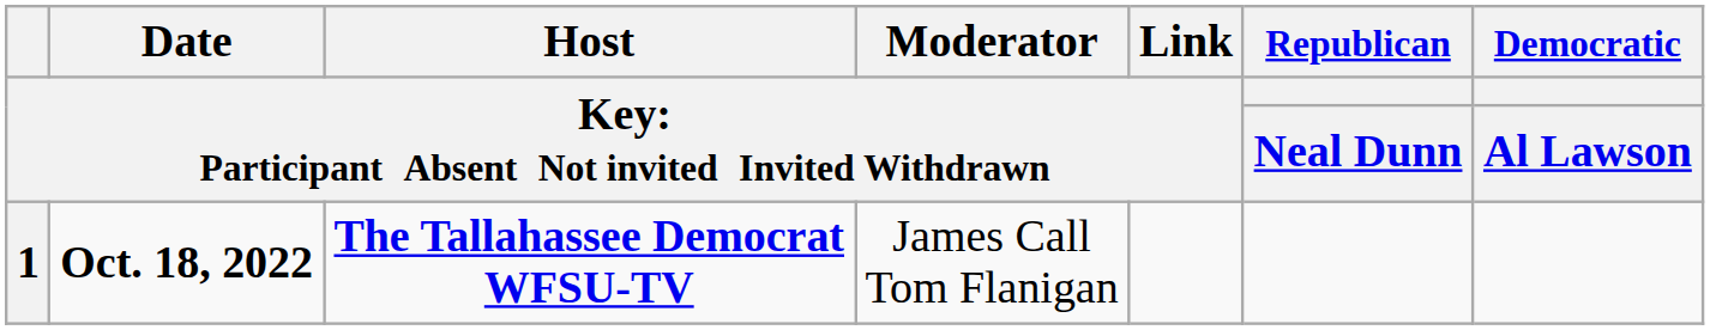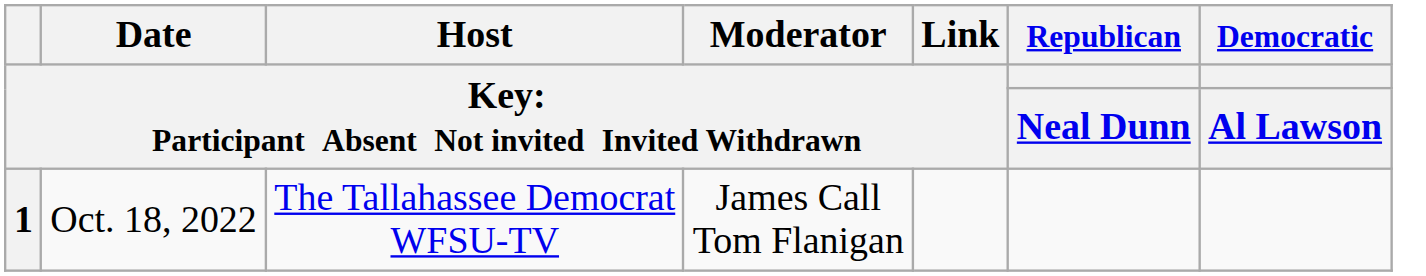 <table class="wikitable" style="text-align:center;">
 <tr>
 <th scope="col"></th>
 <th scope="col">Date</th>
 <th scope="col">Host</th>
 <th scope="col">Moderator</th>
 <th scope="col">Link</th>
 <th scope="col"><small><a href='#'>Republican</a></small></th>
 <th scope="col"><small><a href='#'>Democratic</a></small></th>
 </tr>
 <tr>
 <th colspan="5" rowspan="2">Key:<br> <small>Participant </small>  <small>Absent </small>  <small>Not invited </small>  <small>Invited  Withdrawn</small></th>
 <th scope="col" style="background:"></th>
 <th scope="col" style="background:"></th>
 </tr>
 <tr>
 <th scope="col"><a href='#'>Neal Dunn</a></th>
 <th scope="col"><a href='#'>Al Lawson</a></th>
 </tr>
 <tr>
 <th>1</th>
-<td style="white-space:nowrap;"><strong>Oct. 18, 2022</strong></td>
-<td style="white-space:nowrap;"><strong><a href='#'>The Tallahassee Democrat</a><br><a href='#'>WFSU-TV</a></strong></td>
+<td style="white-space:nowrap;">Oct. 18, 2022</td>
+<td style="white-space:nowrap;"><a href='#'>The Tallahassee Democrat</a><br><a href='#'>WFSU-TV</a></td>
 <td style="white-space:nowrap;">James Call<br>Tom Flanigan</td>
 <td style="white-space:nowrap;"></td>
 <td></td>
 <td></td>
 </tr>
 </table>
